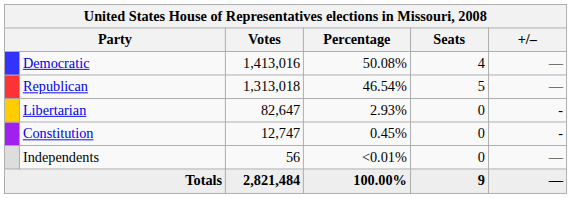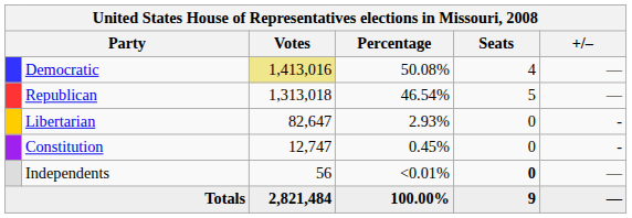 <table class="wikitable" style="font-size: 95%;">
 <tr>
 <th colspan="6">United States House of Representatives elections in Missouri, 2008</th>
 </tr>
 <tr>
 <th colspan="2" style="width: 15em">Party</th>
 <th style="width: 5em">Votes</th>
 <th style="width: 7em">Percentage</th>
 <th style="width: 5em">Seats</th>
 <th style="width: 5em">+/–</th>
 </tr>
 <tr>
 <th style="background-color:#3333FF; width: 3px"></th>
 <td style="width: 130px"><a href='#'>Democratic</a></td>
-<td align="right">1,413,016</td>
+<td align="right" style="background: khaki;">1,413,016</td>
 <td align="right">50.08%</td>
 <td align="right">4</td>
 <td align="right">—</td>
 </tr>
 <tr>
 <th style="background-color:#FF3333; width: 3px"></th>
 <td style="width: 130px"><a href='#'>Republican</a></td>
 <td align="right">1,313,018</td>
 <td align="right">46.54%</td>
 <td align="right">5</td>
 <td align="right">—</td>
 </tr>
 <tr>
 <th style="background-color:#FFCC00; width: 3px"></th>
 <td style="width: 130px"><a href='#'>Libertarian</a></td>
 <td align="right">82,647</td>
 <td align="right">2.93%</td>
 <td align="right">0</td>
 <td align="right">-</td>
 </tr>
 <tr>
 <th style="background-color:#A020F0; width: 3px"></th>
 <td style="width: 130px"><a href='#'>Constitution</a></td>
 <td align="right">12,747</td>
 <td align="right">0.45%</td>
 <td align="right">0</td>
 <td align="right">-</td>
 </tr>
 <tr>
 <th style="background-color:#DDDDDD; width: 3px"></th>
 <td style="width: 130px">Independents</td>
 <td align="right">56</td>
 <td align="right"><0.01%</td>
-<td align="right">0</td>
+<td align="right"><strong>0</strong></td>
 <td align="right">—</td>
 </tr>
 <tr bgcolor="#EEEEEE">
 <td colspan="2" align="right"><strong>Totals</strong></td>
 <td align="right"><strong>2,821,484</strong></td>
 <td align="right"><strong>100.00%</strong></td>
 <td align="right"><strong>9</strong></td>
 <td align="right"><strong>—</strong></td>
 </tr>
 </table>
